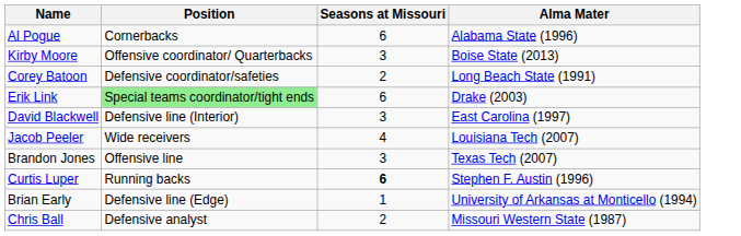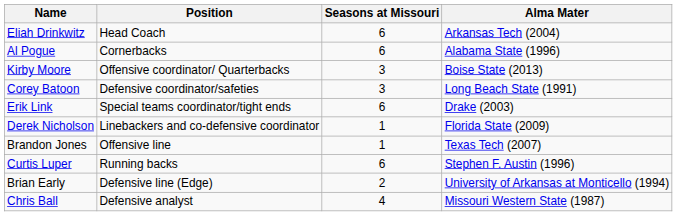 <table class="wikitable">
 <tr>
 <th>Name</th>
 <th>Position</th>
 <th>Seasons at Missouri</th>
 <th>Alma Mater</th>
+</tr>
+<tr>
+<td><a href='#'>Eliah Drinkwitz</a></td>
+<td>Head Coach</td>
+<td align=center>6</td>
+<td><a href='#'>Arkansas Tech</a> (2004)</td>
 </tr>
 <tr>
 <td><a href='#'>Al Pogue</a></td>
 <td>Cornerbacks</td>
 <td align=center>6</td>
 <td><a href='#'>Alabama State</a> (1996)</td>
 </tr>
 <tr>
 <td><a href='#'>Kirby Moore</a></td>
 <td>Offensive coordinator/ Quarterbacks</td>
 <td align=center>3</td>
 <td><a href='#'>Boise State</a> (2013)</td>
 </tr>
 <tr>
 <td><a href='#'>Corey Batoon</a></td>
 <td>Defensive coordinator/safeties</td>
-<td align=center>2</td>
+<td align=center>3</td>
 <td><a href='#'>Long Beach State</a> (1991)</td>
 </tr>
 <tr>
 <td><a href='#'>Erik Link</a></td>
-<td style="background: lightgreen;">Special teams coordinator/tight ends</td>
+<td>Special teams coordinator/tight ends</td>
 <td align=center>6</td>
 <td><a href='#'>Drake</a> (2003)</td>
 </tr>
 <tr>
-<td><a href='#'>David Blackwell</a></td>
-<td>Defensive line (Interior)</td>
-<td align=center>3</td>
-<td><a href='#'>East Carolina</a> (1997)</td>
-</tr>
-<tr>
-<td><a href='#'>Jacob Peeler</a></td>
-<td>Wide receivers</td>
-<td align=center>4</td>
-<td><a href='#'>Louisiana Tech</a> (2007)</td>
+<td><a href='#'>Derek Nicholson</a></td>
+<td>Linebackers and co-defensive coordinator</td>
+<td align=center>1</td>
+<td><a href='#'>Florida State</a> (2009)</td>
 </tr>
 <tr>
 <td>Brandon Jones</td>
 <td>Offensive line</td>
-<td align=center>3</td>
+<td align=center>1</td>
 <td><a href='#'>Texas Tech</a> (2007)</td>
 </tr>
 <tr>
 <td><a href='#'>Curtis Luper</a></td>
 <td>Running backs</td>
-<td align=center><strong>6</strong></td>
+<td align=center>6</td>
 <td><a href='#'>Stephen F. Austin</a> (1996)</td>
 </tr>
 <tr>
 <td>Brian Early</td>
 <td>Defensive line (Edge)</td>
-<td align=center>1</td>
+<td align=center>2</td>
 <td><a href='#'>University of Arkansas at Monticello</a> (1994)</td>
 </tr>
 <tr>
 <td><a href='#'>Chris Ball</a></td>
 <td>Defensive analyst</td>
-<td align=center>2</td>
+<td align=center>4</td>
 <td><a href='#'>Missouri Western State</a> (1987)</td>
 </tr>
 </table>
